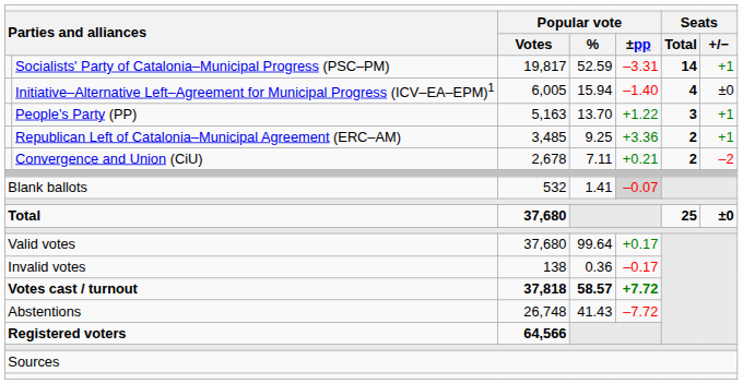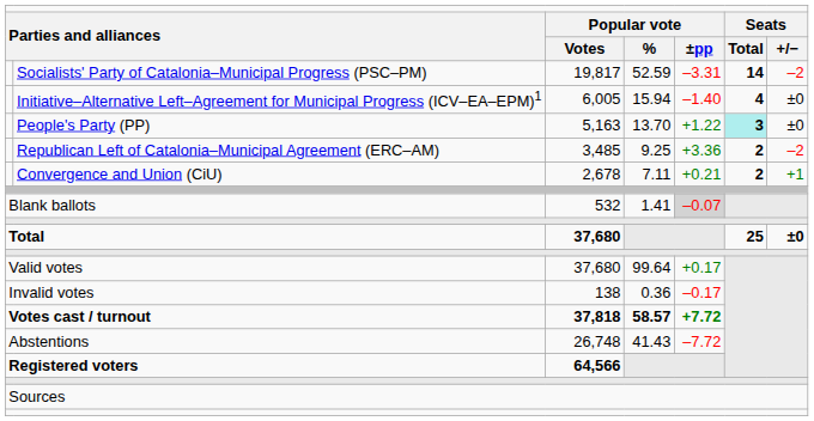 <table class="wikitable" style="text-align:right;">
 <tr>
 <td colspan="7"></td>
 </tr>
 <tr>
 <th style="text-align:left;" rowspan="2" colspan="2" width="525">Parties and alliances</th>
 <th colspan="3">Popular vote</th>
 <th colspan="2">Seats</th>
 </tr>
 <tr>
 <th width="75">Votes</th>
 <th width="45">%</th>
 <th width="45">±<a href='#'>pp</a></th>
 <th width="35">Total</th>
 <th width="35">+/−</th>
 </tr>
 <tr>
 <td width="1" style="color:inherit;background:"></td>
 <td align="left"><a href='#'>Socialists' Party of Catalonia–Municipal Progress</a> (PSC–PM)</td>
 <td>19,817</td>
 <td>52.59</td>
 <td style="color:red;">–3.31</td>
 <td><strong>14</strong></td>
-<td style="color:green;">+1</td>
+<td style="color:red;">–2</td>
 </tr>
 <tr>
 <td style="color:inherit;background:"></td>
 <td align="left"><a href='#'>Initiative–Alternative Left–Agreement for Municipal Progress</a> (ICV–EA–EPM)<sup>1</sup></td>
 <td>6,005</td>
 <td>15.94</td>
 <td style="color:red;">–1.40</td>
 <td><strong>4</strong></td>
 <td>±0</td>
 </tr>
 <tr>
 <td style="color:inherit;background:"></td>
 <td align="left"><a href='#'>People's Party</a> (PP)</td>
 <td>5,163</td>
 <td>13.70</td>
 <td style="color:green;">+1.22</td>
-<td><strong>3</strong></td>
-<td style="color:green;">+1</td>
+<td style="background: paleturquoise;"><strong>3</strong></td>
+<td>±0</td>
 </tr>
 <tr>
 <td style="color:inherit;background:"></td>
 <td align="left"><a href='#'>Republican Left of Catalonia–Municipal Agreement</a> (ERC–AM)</td>
 <td>3,485</td>
 <td>9.25</td>
 <td style="color:green;">+3.36</td>
 <td><strong>2</strong></td>
-<td style="color:green;">+1</td>
+<td style="color:red;">–2</td>
 </tr>
 <tr>
 <td style="color:inherit;background:"></td>
 <td align="left"><a href='#'>Convergence and Union</a> (CiU)</td>
 <td>2,678</td>
 <td>7.11</td>
 <td style="color:green;">+0.21</td>
 <td><strong>2</strong></td>
-<td style="color:red;">–2</td>
+<td style="color:green;">+1</td>
 </tr>
 <tr>
 <td colspan="7" style="color:inherit;background:#C0C0C0"></td>
 </tr>
 <tr>
 <td align="left" colspan="2">Blank ballots</td>
 <td>532</td>
 <td>1.41</td>
 <td style="background: lightgrey; color:red;">–0.07</td>
 <td style="color:inherit;background:#E9E9E9" colspan="2"></td>
 </tr>
 <tr>
 <td colspan="7" style="color:inherit;background:#E9E9E9"></td>
 </tr>
 <tr style="font-weight:bold;">
 <td align="left" colspan="2">Total</td>
 <td>37,680</td>
 <td bgcolor="#E9E9E9" colspan="2"></td>
 <td>25</td>
 <td>±0</td>
 </tr>
 <tr>
 <td colspan="7" style="color:inherit;background:#E9E9E9"></td>
 </tr>
 <tr>
 <td align="left" colspan="2">Valid votes</td>
 <td>37,680</td>
 <td>99.64</td>
 <td style="color:green;">+0.17</td>
 <td bgcolor="#E9E9E9" colspan="2" rowspan="5"></td>
 </tr>
 <tr>
 <td align="left" colspan="2">Invalid votes</td>
 <td>138</td>
 <td>0.36</td>
 <td style="color:red;">–0.17</td>
 </tr>
 <tr style="font-weight:bold;">
 <td align="left" colspan="2">Votes cast / turnout</td>
 <td>37,818</td>
 <td>58.57</td>
 <td style="color:green;">+7.72</td>
 </tr>
 <tr>
 <td align="left" colspan="2">Abstentions</td>
 <td>26,748</td>
 <td>41.43</td>
 <td style="color:red;">–7.72</td>
 </tr>
 <tr style="font-weight:bold;">
 <td align="left" colspan="2">Registered voters</td>
 <td>64,566</td>
 <td bgcolor="#E9E9E9" colspan="2"></td>
 </tr>
 <tr>
 <td colspan="7" style="color:inherit;background:#E9E9E9"></td>
 </tr>
 <tr>
 <td align="left" colspan="7">Sources</td>
 </tr>
 <tr>
 <td colspan="7" style="text-align:left; max-width:790px;"></td>
 </tr>
 </table>
